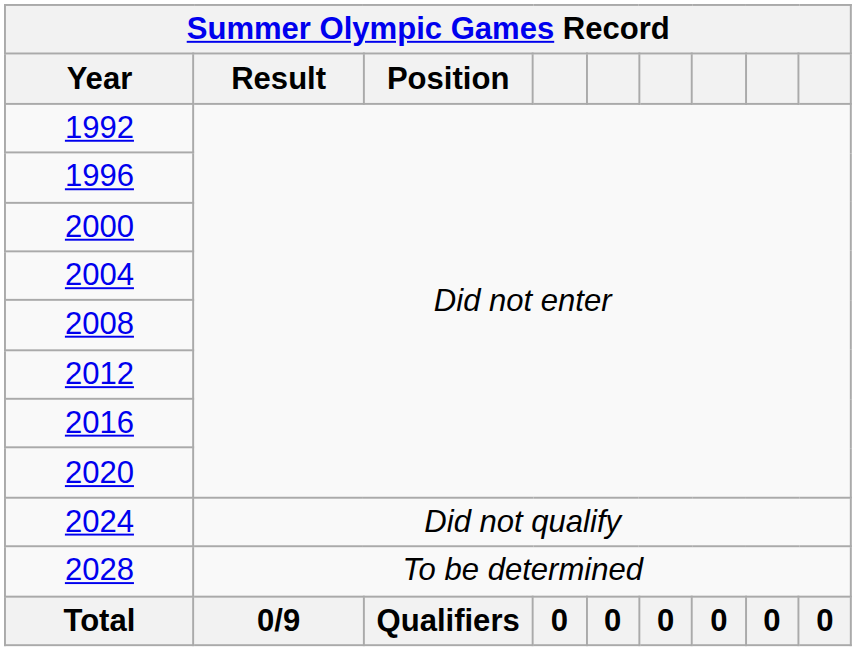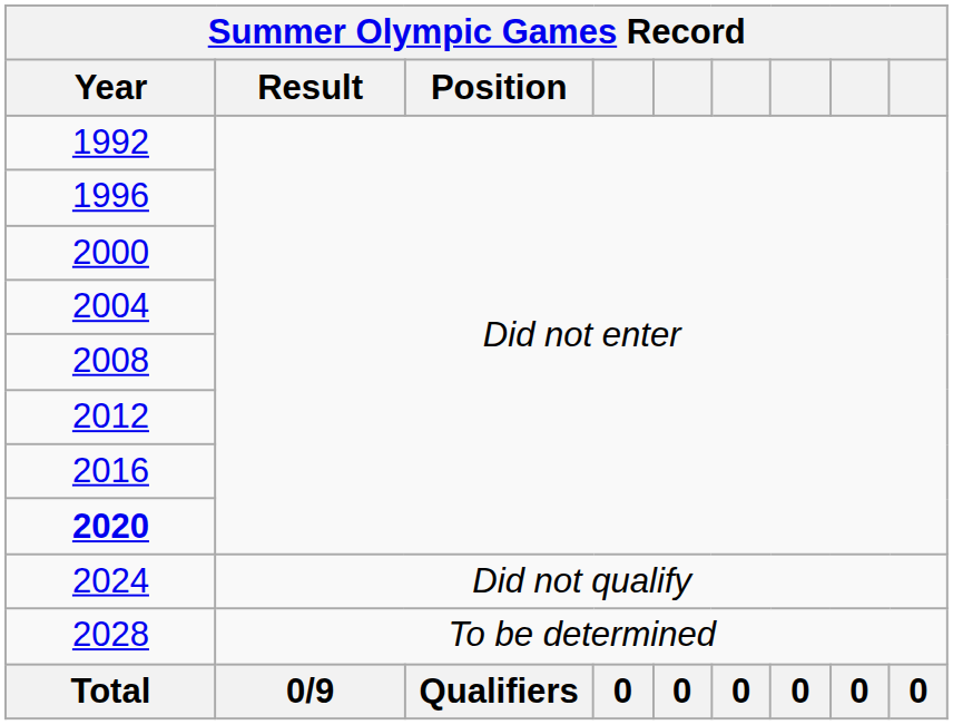 <table class="wikitable" style="text-align: center;">
 <tr>
 <th colspan=9><a href='#'>Summer Olympic Games</a> Record</th>
 </tr>
 <tr>
 <th width="90">Year</th>
 <th width="80">Result</th>
 <th width="80">Position</th>
 <th width="20"></th>
 <th width="20"></th>
 <th width="20"></th>
 <th width="20"></th>
 <th width="20"></th>
 <th width="20"></th>
 </tr>
 <tr>
 <td> <a href='#'>1992</a></td>
 <td rowspan=8 colspan=8><em>Did not enter</em></td>
 </tr>
 <tr>
 <td> <a href='#'>1996</a></td>
 </tr>
 <tr>
 <td> <a href='#'>2000</a></td>
 </tr>
 <tr>
 <td> <a href='#'>2004</a></td>
 </tr>
 <tr>
 <td> <a href='#'>2008</a></td>
 </tr>
 <tr>
 <td> <a href='#'>2012</a></td>
 </tr>
 <tr>
 <td> <a href='#'>2016</a></td>
 </tr>
 <tr>
-<td> <a href='#'>2020</a></td>
+<td><strong> <a href='#'>2020</a></strong></td>
 </tr>
 <tr>
 <td> <a href='#'>2024</a></td>
 <td colspan="8"><em>Did not qualify</em></td>
 </tr>
 <tr>
 <td> <a href='#'>2028</a></td>
 <td colspan="8"><em>To be determined</em></td>
 </tr>
 <tr>
 <th>Total</th>
 <th>0/9</th>
 <th>Qualifiers</th>
 <th>0</th>
 <th>0</th>
 <th>0</th>
 <th>0</th>
 <th>0</th>
 <th>0</th>
 </tr>
 </table>
